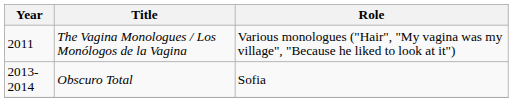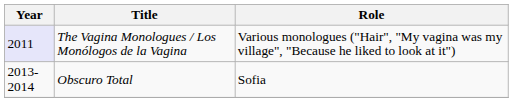 <table class="wikitable">
 <tr>
 <th>Year</th>
 <th>Title</th>
 <th>Role</th>
 </tr>
 <tr>
-<td>2011</td>
+<td style="background: lavender;">2011</td>
 <td><em>The Vagina Monologues / Los Monólogos de la Vagina</em></td>
 <td>Various monologues ("Hair", "My vagina was my village", "Because he liked to look at it")</td>
 </tr>
 <tr>
 <td>2013-2014</td>
 <td><em>Obscuro Total</em></td>
 <td>Sofia</td>
 </tr>
 <tr>
 </tr>
 </table>
